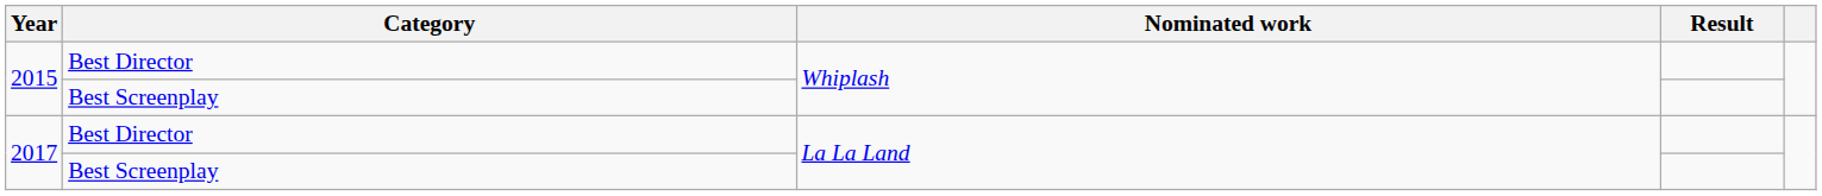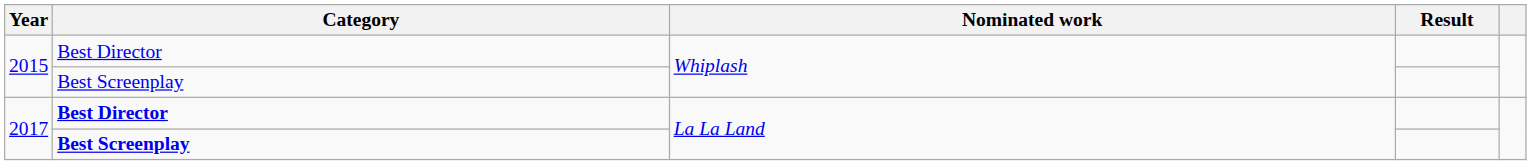 <table class=wikitable>
 <tr>
 <th scope="col" style="width:1em;">Year</th>
 <th scope="col" style="width:33em;">Category</th>
 <th scope="col" style="width:39em;">Nominated work</th>
 <th scope="col" style="width:5em;">Result</th>
 <th scope="col" style="width:1em;"></th>
 </tr>
 <tr>
 <td rowspan="2"><a href='#'>2015</a></td>
 <td><a href='#'>Best Director</a></td>
 <td rowspan="2"><em><a href='#'>Whiplash</a></em></td>
 <td></td>
 <td rowspan="2"></td>
 </tr>
 <tr>
 <td><a href='#'>Best Screenplay</a></td>
 <td></td>
 </tr>
 <tr>
 <td rowspan="2"><a href='#'>2017</a></td>
-<td><a href='#'>Best Director</a></td>
+<td><strong><a href='#'>Best Director</a></strong></td>
 <td rowspan="2"><em><a href='#'>La La Land</a></em></td>
 <td></td>
 <td rowspan="2"></td>
 </tr>
 <tr>
-<td><a href='#'>Best Screenplay</a></td>
+<td><strong><a href='#'>Best Screenplay</a></strong></td>
 <td></td>
 </tr>
 </table>
